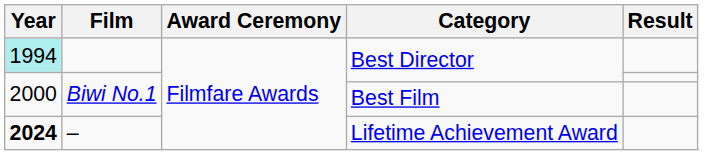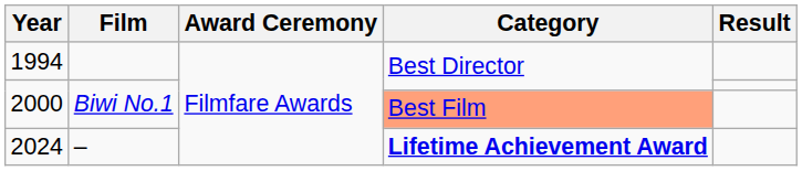 <table class="wikitable plainrowheaders">
 <tr>
 <th>Year</th>
 <th>Film</th>
 <th>Award Ceremony</th>
 <th>Category</th>
 <th>Result</th>
 </tr>
 <tr>
-<td style="background: paleturquoise;">1994</td>
+<td>1994</td>
 <td></td>
 <td rowspan="4"><a href='#'>Filmfare Awards</a></td>
 <td rowspan="2"><a href='#'>Best Director</a></td>
 <td></td>
 </tr>
 <tr>
 <td rowspan='2'>2000</td>
 <td rowspan='2'><em><a href='#'>Biwi No.1</a></em></td>
 <td></td>
 </tr>
 <tr>
-<td><a href='#'>Best Film</a></td>
+<td style="background: lightsalmon;"><a href='#'>Best Film</a></td>
 <td></td>
 </tr>
 <tr>
-<td><strong>2024</strong></td>
+<td>2024</td>
 <td>–</td>
-<td><a href='#'>Lifetime Achievement Award</a></td>
+<td><strong><a href='#'>Lifetime Achievement Award</a></strong></td>
 <td></td>
 </tr>
 </table>
